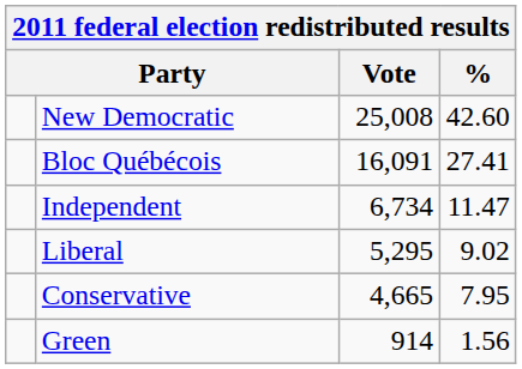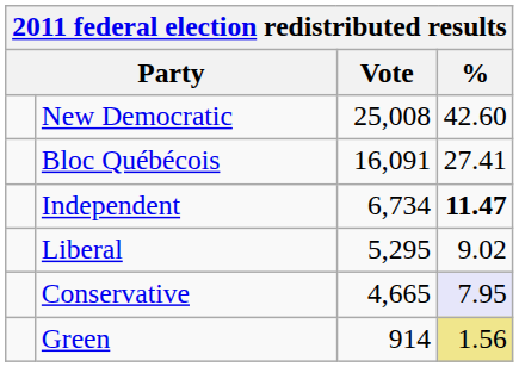 <table class="wikitable">
 <tr>
 <th colspan="4"><a href='#'>2011 federal election</a> redistributed results</th>
 </tr>
 <tr>
 <th bgcolor="#DDDDFF" width="130px" colspan="2">Party</th>
 <th bgcolor="#DDDDFF" width="50px">Vote</th>
 <th bgcolor="#DDDDFF" width="30px">%</th>
 </tr>
 <tr>
 <td> </td>
 <td><a href='#'>New Democratic</a></td>
 <td align=right>25,008</td>
 <td align=right>42.60</td>
 </tr>
 <tr>
 <td> </td>
 <td><a href='#'>Bloc Québécois</a></td>
 <td align=right>16,091</td>
 <td align=right>27.41</td>
 </tr>
 <tr>
 <td> </td>
 <td><a href='#'>Independent</a></td>
 <td align=right>6,734</td>
-<td align=right>11.47</td>
+<td align=right><strong>11.47</strong></td>
 </tr>
 <tr>
 <td> </td>
 <td><a href='#'>Liberal</a></td>
 <td align=right>5,295</td>
 <td align=right>9.02</td>
 </tr>
 <tr>
 <td> </td>
 <td><a href='#'>Conservative</a></td>
 <td align=right>4,665</td>
-<td align=right>7.95</td>
+<td align=right style="background: lavender;">7.95</td>
 </tr>
 <tr>
 <td> </td>
 <td><a href='#'>Green</a></td>
 <td align=right>914</td>
-<td align=right>1.56</td>
+<td align=right style="background: khaki;">1.56</td>
 </tr>
 </table>
